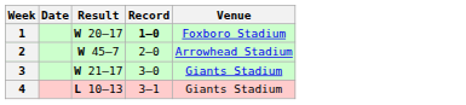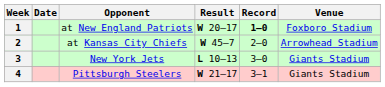 <table class="wikitable" style="text-align:center">
 <tr>
 <th>Week</th>
 <th>Date</th>
+<th>Opponent</th>
 <th>Result</th>
 <th>Record</th>
 <th>Venue</th>
 </tr>
 <tr style="background:#cfc">
 <th>1</th>
 <td></td>
+<td>at <a href='#'>New England Patriots</a></td>
 <td><strong>W</strong> 20–17</td>
 <td><strong>1–0</strong></td>
 <td><a href='#'>Foxboro Stadium</a></td>
 </tr>
 <tr style="background:#cfc">
 <th>2</th>
 <td></td>
+<td>at <a href='#'>Kansas City Chiefs</a></td>
 <td><strong>W</strong> 45–7</td>
 <td>2–0</td>
 <td><a href='#'>Arrowhead Stadium</a></td>
 </tr>
 <tr style="background:#cfc">
 <th>3</th>
 <td></td>
-<td><strong>W</strong> 21–17</td>
+<td><a href='#'>New York Jets</a></td>
+<td><strong>L</strong> 10–13</td>
 <td>3–0</td>
 <td><a href='#'>Giants Stadium</a></td>
 </tr>
 <tr style="background:#fcc">
 <th>4</th>
 <td></td>
-<td><strong>L</strong> 10–13</td>
+<td><a href='#'>Pittsburgh Steelers</a></td>
+<td><strong>W</strong> 21–17</td>
 <td>3–1</td>
 <td>Giants Stadium</td>
 </tr>
 </table>
